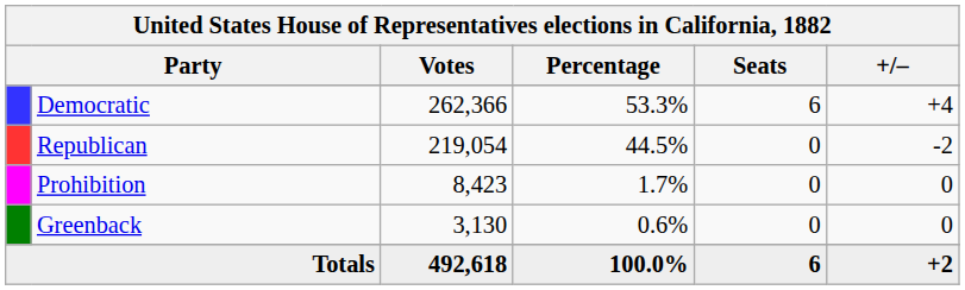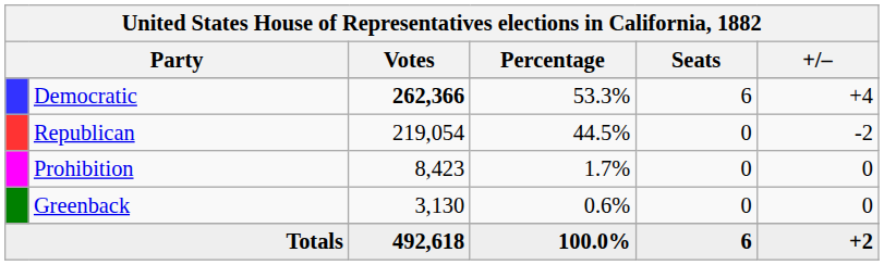 <table class="wikitable" style="font-size: 95%;">
 <tr>
 <th colspan="6">United States House of Representatives elections in California, 1882</th>
 </tr>
 <tr>
 <th colspan=2 style="width: 15em">Party</th>
 <th style="width: 5em">Votes</th>
 <th style="width: 7em">Percentage</th>
 <th style="width: 5em">Seats</th>
 <th style="width: 5em">+/–</th>
 </tr>
 <tr>
 </tr>
 <tr>
 <th style="background-color:#3333FF; width: 3px"></th>
 <td style="width: 130px"><a href='#'>Democratic</a></td>
-<td style="text-align:right;">262,366</td>
+<td style="text-align:right;"><strong>262,366</strong></td>
 <td style="text-align:right;">53.3%</td>
 <td style="text-align:right;">6</td>
 <td style="text-align:right;">+4</td>
 </tr>
 <tr>
 <th style="background-color:#FF3333; width: 3px"></th>
 <td style="width: 130px"><a href='#'>Republican</a></td>
 <td style="text-align:right;">219,054</td>
 <td style="text-align:right;">44.5%</td>
 <td style="text-align:right;">0</td>
 <td style="text-align:right;">-2</td>
 </tr>
 <tr>
 <th style="background-color:#FF00FF; width: 3px"></th>
 <td style="width: 130px"><a href='#'>Prohibition</a></td>
 <td style="text-align:right;">8,423</td>
 <td style="text-align:right;">1.7%</td>
 <td style="text-align:right;">0</td>
 <td style="text-align:right;">0</td>
 </tr>
 <tr>
 <th style="background-color:#008000; width: 3px"></th>
 <td style="width: 130px"><a href='#'>Greenback</a></td>
 <td style="text-align:right;">3,130</td>
 <td style="text-align:right;">0.6%</td>
 <td style="text-align:right;">0</td>
 <td style="text-align:right;">0</td>
 </tr>
 <tr>
 </tr>
 <tr style="background-color:#EEEEEE;">
 <td colspan="2" align="right"><strong>Totals</strong></td>
 <td style="text-align:right;"><strong>492,618</strong></td>
 <td style="text-align:right;"><strong>100.0%</strong></td>
 <td style="text-align:right;"><strong>6</strong></td>
 <td style="text-align:right;"><strong>+2</strong></td>
 </tr>
 </table>
